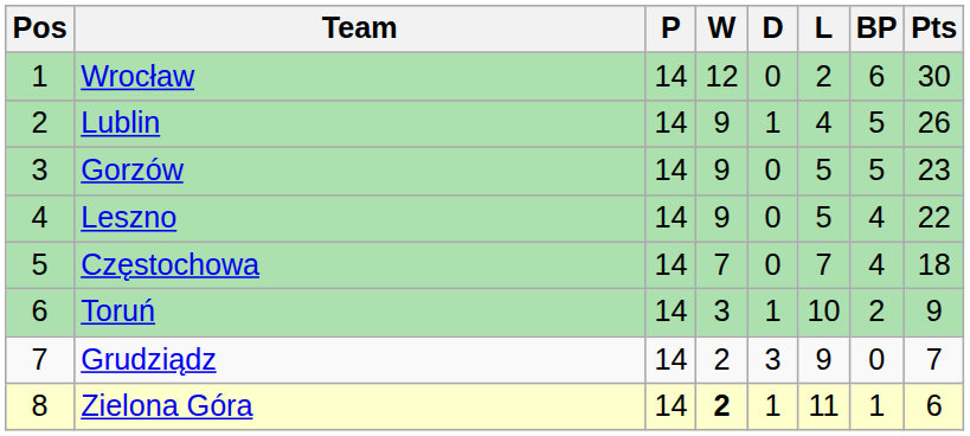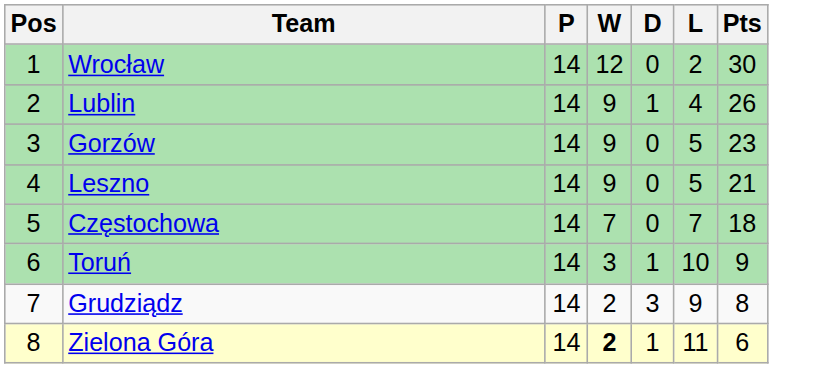 <table class="wikitable" style="font-size: 100%">
 <tr>
 <th width=20>Pos</th>
 <th width=300>Team</th>
 <th width=20>P</th>
 <th width=20>W</th>
 <th width=20>D</th>
 <th width=20>L</th>
-<th width=20>BP</th>
 <th width=20>Pts</th>
 </tr>
 <tr align=center style="background:#ACE1AF;">
 <td>1</td>
 <td align="left"><a href='#'>Wrocław</a></td>
 <td>14</td>
 <td>12</td>
 <td>0</td>
 <td>2</td>
-<td>6</td>
 <td>30</td>
 </tr>
 <tr align=center style="background:#ACE1AF;">
 <td>2</td>
 <td align="left"><a href='#'>Lublin</a></td>
 <td>14</td>
 <td>9</td>
 <td>1</td>
 <td>4</td>
-<td>5</td>
 <td>26</td>
 </tr>
 <tr align=center style="background:#ACE1AF;">
 <td>3</td>
 <td align="left"><a href='#'>Gorzów</a></td>
 <td>14</td>
 <td>9</td>
 <td>0</td>
-<td>5</td>
 <td>5</td>
 <td>23</td>
 </tr>
 <tr align=center style="background:#ACE1AF;">
 <td>4</td>
 <td align="left"><a href='#'>Leszno</a></td>
 <td>14</td>
 <td>9</td>
 <td>0</td>
 <td>5</td>
-<td>4</td>
-<td>22</td>
+<td>21</td>
 </tr>
 <tr align=center style="background:#ACE1AF;">
 <td>5</td>
 <td align="left"><a href='#'>Częstochowa</a></td>
 <td>14</td>
 <td>7</td>
 <td>0</td>
 <td>7</td>
-<td>4</td>
 <td>18</td>
 </tr>
 <tr align=center style="background:#ACE1AF;">
 <td>6</td>
 <td align="left"><a href='#'>Toruń</a></td>
 <td>14</td>
 <td>3</td>
 <td>1</td>
 <td>10</td>
-<td>2</td>
 <td>9</td>
 </tr>
 <tr align=center>
 <td>7</td>
 <td align="left"><a href='#'>Grudziądz</a></td>
 <td>14</td>
 <td>2</td>
 <td>3</td>
 <td>9</td>
-<td>0</td>
-<td>7</td>
+<td>8</td>
 </tr>
 <tr align=center style="background: #ffffcc;">
 <td>8</td>
 <td align="left"><a href='#'>Zielona Góra</a></td>
 <td>14</td>
 <td><strong>2</strong></td>
 <td>1</td>
 <td>11</td>
-<td>1</td>
 <td>6</td>
 </tr>
 </table>
